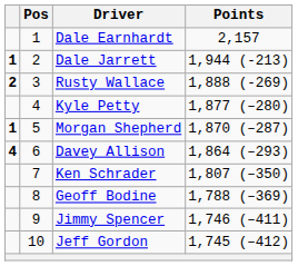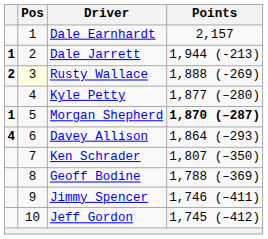 <table class="wikitable" style="font-size: 95%;">
 <tr>
 <th></th>
 <th>Pos</th>
 <th>Driver</th>
 <th>Points</th>
 </tr>
 <tr>
 <td align="left"></td>
 <td style="text-align:center;">1</td>
 <td><a href='#'>Dale Earnhardt</a></td>
 <td style="text-align:center;">2,157</td>
 </tr>
 <tr>
 <td align="left"> <strong>1</strong></td>
 <td style="text-align:center;">2</td>
 <td><a href='#'>Dale Jarrett</a></td>
 <td style="text-align:center;">1,944 (-213)</td>
 </tr>
 <tr>
 <td align="left"> <strong>2</strong></td>
-<td style="text-align:center;">3</td>
+<td style="background: lightyellow; text-align:center;">3</td>
 <td><a href='#'>Rusty Wallace</a></td>
 <td style="text-align:center;">1,888 (-269)</td>
 </tr>
 <tr>
 <td align="left"></td>
 <td style="text-align:center;">4</td>
 <td><a href='#'>Kyle Petty</a></td>
 <td style="text-align:center;">1,877 (–280)</td>
 </tr>
 <tr>
 <td align="left"> <strong>1</strong></td>
 <td style="text-align:center;">5</td>
 <td><a href='#'>Morgan Shepherd</a></td>
-<td style="text-align:center;">1,870 (–287)</td>
+<td style="text-align:center;"><strong>1,870 (–287)</strong></td>
 </tr>
 <tr>
 <td align="left"> <strong>4</strong></td>
 <td style="text-align:center;">6</td>
 <td><a href='#'>Davey Allison</a></td>
 <td style="text-align:center;">1,864 (–293)</td>
 </tr>
 <tr>
 <td align="left"></td>
 <td style="text-align:center;">7</td>
 <td><a href='#'>Ken Schrader</a></td>
 <td style="text-align:center;">1,807 (–350)</td>
 </tr>
 <tr>
 <td align="left"></td>
 <td style="text-align:center;">8</td>
 <td><a href='#'>Geoff Bodine</a></td>
 <td style="text-align:center;">1,788 (–369)</td>
 </tr>
 <tr>
 <td align="left"></td>
 <td style="text-align:center;">9</td>
 <td><a href='#'>Jimmy Spencer</a></td>
 <td style="text-align:center;">1,746 (–411)</td>
 </tr>
 <tr>
 <td align="left"></td>
 <td style="text-align:center;">10</td>
 <td><a href='#'>Jeff Gordon</a></td>
 <td style="text-align:center;">1,745 (–412)</td>
 </tr>
 <tr class="sortbottom">
 <th colspan="9"></th>
 </tr>
 </table>
